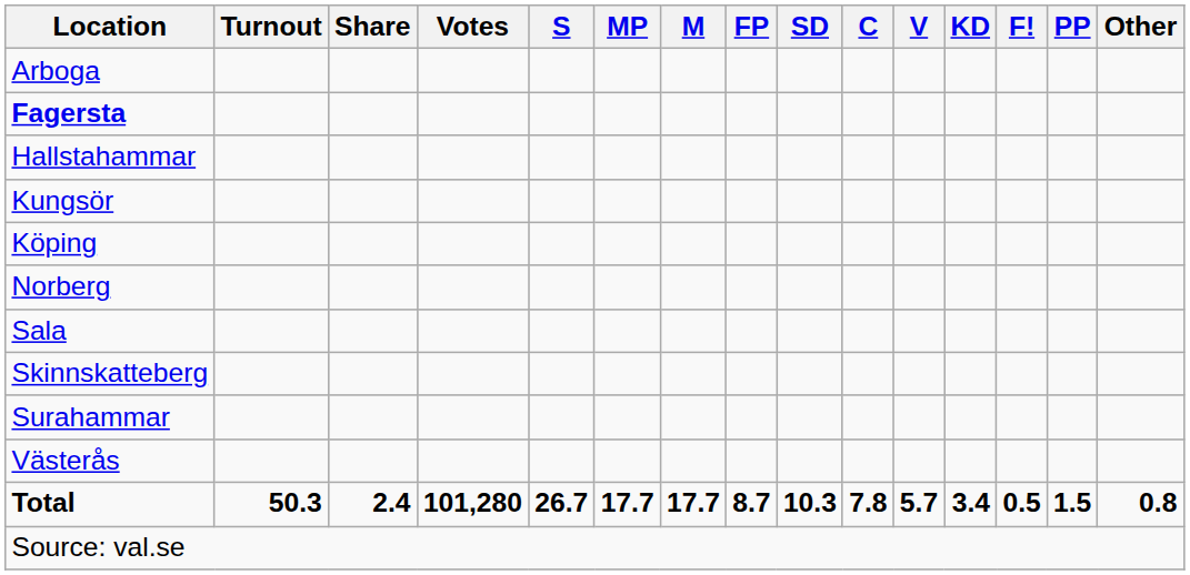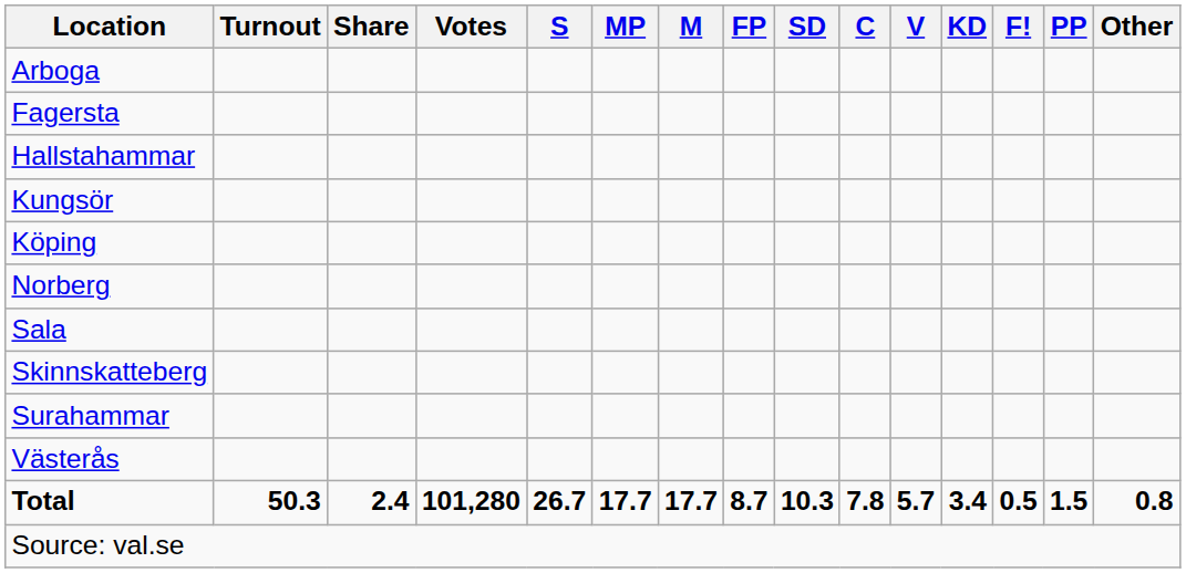 <table class="wikitable sortable" style=text-align:right>
 <tr>
 <th>Location</th>
 <th>Turnout</th>
 <th>Share</th>
 <th>Votes</th>
 <th><a href='#'>S</a></th>
 <th><a href='#'>MP</a></th>
 <th><a href='#'>M</a></th>
 <th><a href='#'>FP</a></th>
 <th><a href='#'>SD</a></th>
 <th><a href='#'>C</a></th>
 <th><a href='#'>V</a></th>
 <th><a href='#'>KD</a></th>
 <th><a href='#'>F!</a></th>
 <th><a href='#'>PP</a></th>
 <th>Other</th>
 </tr>
 <tr>
 <td align=left><a href='#'>Arboga</a></td>
 <td></td>
 <td></td>
 <td></td>
 <td></td>
 <td></td>
 <td></td>
 <td></td>
 <td></td>
 <td></td>
 <td></td>
 <td></td>
 <td></td>
 <td></td>
 <td></td>
 </tr>
 <tr>
-<td align=left><strong><a href='#'>Fagersta</a></strong></td>
+<td align=left><a href='#'>Fagersta</a></td>
 <td></td>
 <td></td>
 <td></td>
 <td></td>
 <td></td>
 <td></td>
 <td></td>
 <td></td>
 <td></td>
 <td></td>
 <td></td>
 <td></td>
 <td></td>
 <td></td>
 </tr>
 <tr>
 <td align=left><a href='#'>Hallstahammar</a></td>
 <td></td>
 <td></td>
 <td></td>
 <td></td>
 <td></td>
 <td></td>
 <td></td>
 <td></td>
 <td></td>
 <td></td>
 <td></td>
 <td></td>
 <td></td>
 <td></td>
 </tr>
 <tr>
 <td align=left><a href='#'>Kungsör</a></td>
 <td></td>
 <td></td>
 <td></td>
 <td></td>
 <td></td>
 <td></td>
 <td></td>
 <td></td>
 <td></td>
 <td></td>
 <td></td>
 <td></td>
 <td></td>
 <td></td>
 </tr>
 <tr>
 <td align=left><a href='#'>Köping</a></td>
 <td></td>
 <td></td>
 <td></td>
 <td></td>
 <td></td>
 <td></td>
 <td></td>
 <td></td>
 <td></td>
 <td></td>
 <td></td>
 <td></td>
 <td></td>
 <td></td>
 </tr>
 <tr>
 <td align=left><a href='#'>Norberg</a></td>
 <td></td>
 <td></td>
 <td></td>
 <td></td>
 <td></td>
 <td></td>
 <td></td>
 <td></td>
 <td></td>
 <td></td>
 <td></td>
 <td></td>
 <td></td>
 <td></td>
 </tr>
 <tr>
 <td align=left><a href='#'>Sala</a></td>
 <td></td>
 <td></td>
 <td></td>
 <td></td>
 <td></td>
 <td></td>
 <td></td>
 <td></td>
 <td></td>
 <td></td>
 <td></td>
 <td></td>
 <td></td>
 <td></td>
 </tr>
 <tr>
 <td align=left><a href='#'>Skinnskatteberg</a></td>
 <td></td>
 <td></td>
 <td></td>
 <td></td>
 <td></td>
 <td></td>
 <td></td>
 <td></td>
 <td></td>
 <td></td>
 <td></td>
 <td></td>
 <td></td>
 <td></td>
 </tr>
 <tr>
 <td align=left><a href='#'>Surahammar</a></td>
 <td></td>
 <td></td>
 <td></td>
 <td></td>
 <td></td>
 <td></td>
 <td></td>
 <td></td>
 <td></td>
 <td></td>
 <td></td>
 <td></td>
 <td></td>
 <td></td>
 </tr>
 <tr>
 <td align=left><a href='#'>Västerås</a></td>
 <td></td>
 <td></td>
 <td></td>
 <td></td>
 <td></td>
 <td></td>
 <td></td>
 <td></td>
 <td></td>
 <td></td>
 <td></td>
 <td></td>
 <td></td>
 <td></td>
 </tr>
 <tr>
 <td align=left><strong>Total</strong></td>
 <td><strong>50.3</strong></td>
 <td><strong>2.4</strong></td>
 <td><strong>101,280</strong></td>
 <td><strong>26.7</strong></td>
 <td><strong>17.7</strong></td>
 <td><strong>17.7</strong></td>
 <td><strong>8.7</strong></td>
 <td><strong>10.3</strong></td>
 <td><strong>7.8</strong></td>
 <td><strong>5.7</strong></td>
 <td><strong>3.4</strong></td>
 <td><strong>0.5</strong></td>
 <td><strong>1.5</strong></td>
 <td><strong>0.8</strong></td>
 </tr>
 <tr>
 <td align=left colspan=15>Source: val.se </td>
 </tr>
 </table>
